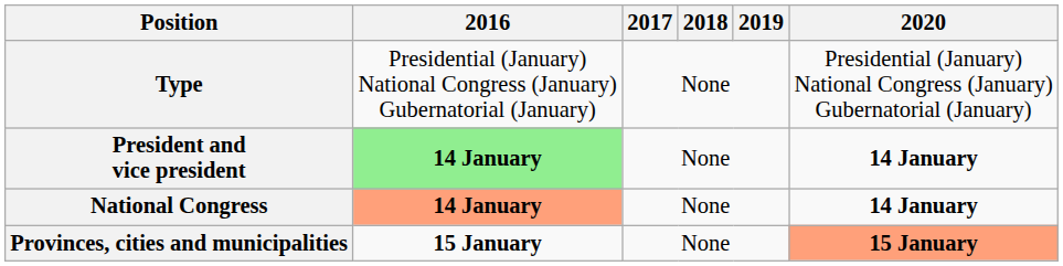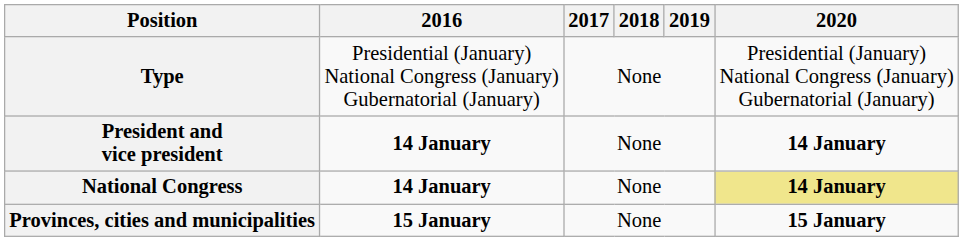 <table class=wikitable style="text-align:center;">
 <tr>
 <th>Position</th>
 <th>2016</th>
 <th>2017</th>
 <th>2018</th>
 <th>2019</th>
 <th>2020</th>
 </tr>
 <tr>
 <th>Type</th>
 <td>Presidential (January)<br>National Congress (January)<br>Gubernatorial (January)</td>
 <td colspan=3>None</td>
 <td>Presidential (January)<br>National Congress (January)<br>Gubernatorial (January)</td>
 </tr>
 <tr>
 <th>President and<br>vice president</th>
-<td style="background: lightgreen;"><strong>14 January</strong></td>
+<td><strong>14 January</strong></td>
 <td colspan=3>None</td>
 <td><strong>14 January</strong></td>
 </tr>
 <tr>
 <th>National Congress</th>
-<td style="background: lightsalmon;"><strong>14 January</strong></td>
+<td><strong>14 January</strong></td>
 <td colspan=3>None</td>
-<td><strong>14 January</strong></td>
+<td style="background: khaki;"><strong>14 January</strong></td>
 </tr>
 <tr>
 <th>Provinces, cities and municipalities</th>
 <td><strong>15 January</strong></td>
 <td colspan=3>None</td>
-<td style="background: lightsalmon;"><strong>15 January</strong></td>
+<td><strong>15 January</strong></td>
 </tr>
 </table>
